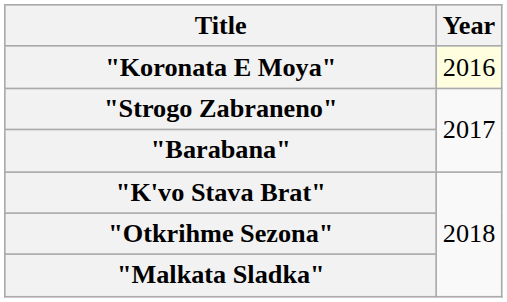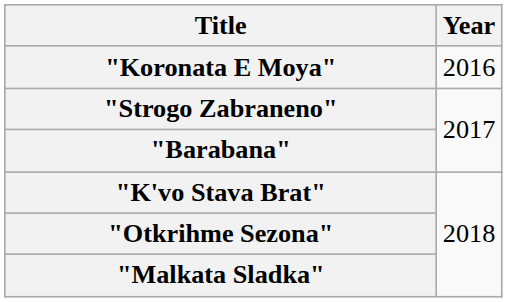 <table class="wikitable plainrowheaders" style="text-align:center;">
 <tr>
 <th scope="col" style="width:16em;">Title</th>
 <th scope="col">Year</th>
 </tr>
 <tr>
 <th scope="row">"Koronata E Moya"<br></th>
-<td style="background: lightyellow;">2016</td>
+<td>2016</td>
 </tr>
 <tr>
 <th scope="row">"Strogo Zabraneno"<br></th>
 <td rowspan="2">2017</td>
 </tr>
 <tr>
 <th scope="row">"Barabana"<br></th>
 </tr>
 <tr>
 <th scope="row">"K'vo Stava Brat"<br></th>
 <td rowspan="3">2018</td>
 </tr>
 <tr>
 <th scope="row">"Otkrihme Sezona"<br></th>
 </tr>
 <tr>
 <th scope="row">"Malkata Sladka"<br></th>
 </tr>
 </table>
